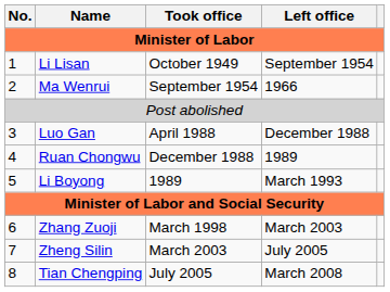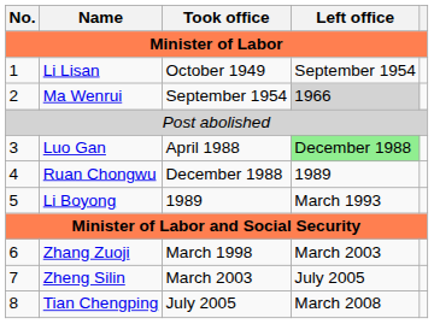 <table class="wikitable">
 <tr>
 <th>No.</th>
 <th>Name</th>
 <th>Took office</th>
 <th>Left office</th>
 <th></th>
 </tr>
 <tr>
 <td colspan="5" bgcolor="coral" align="center"><strong>Minister of Labor</strong></td>
 </tr>
 <tr>
 <td>1</td>
 <td><a href='#'>Li Lisan</a></td>
 <td>October 1949</td>
 <td>September 1954</td>
 <td></td>
 </tr>
 <tr>
 <td>2</td>
 <td><a href='#'>Ma Wenrui</a></td>
 <td>September 1954</td>
-<td>1966</td>
+<td style="background: lightgrey;">1966</td>
 <td></td>
 </tr>
 <tr>
 <td colspan="5" bgcolor="lightgrey" align="center"><em>Post abolished</em></td>
 </tr>
 <tr>
 <td>3</td>
 <td><a href='#'>Luo Gan</a></td>
 <td>April 1988</td>
-<td>December 1988</td>
+<td style="background: lightgreen;">December 1988</td>
 <td></td>
 </tr>
 <tr>
 <td>4</td>
 <td><a href='#'>Ruan Chongwu</a></td>
 <td>December 1988</td>
 <td>1989</td>
 <td></td>
 </tr>
 <tr>
 <td>5</td>
 <td><a href='#'>Li Boyong</a></td>
 <td>1989</td>
 <td>March 1993</td>
 <td></td>
 </tr>
 <tr>
 <td colspan="5" bgcolor="coral" align="center"><strong>Minister of Labor and Social Security</strong></td>
 </tr>
 <tr>
 <td>6</td>
 <td><a href='#'>Zhang Zuoji</a></td>
 <td>March 1998</td>
 <td>March 2003</td>
 <td></td>
 </tr>
 <tr>
 <td>7</td>
 <td><a href='#'>Zheng Silin</a></td>
 <td>March 2003</td>
 <td>July 2005</td>
 <td></td>
 </tr>
 <tr>
 <td>8</td>
 <td><a href='#'>Tian Chengping</a></td>
 <td>July 2005</td>
 <td>March 2008</td>
 <td></td>
 </tr>
 </table>
